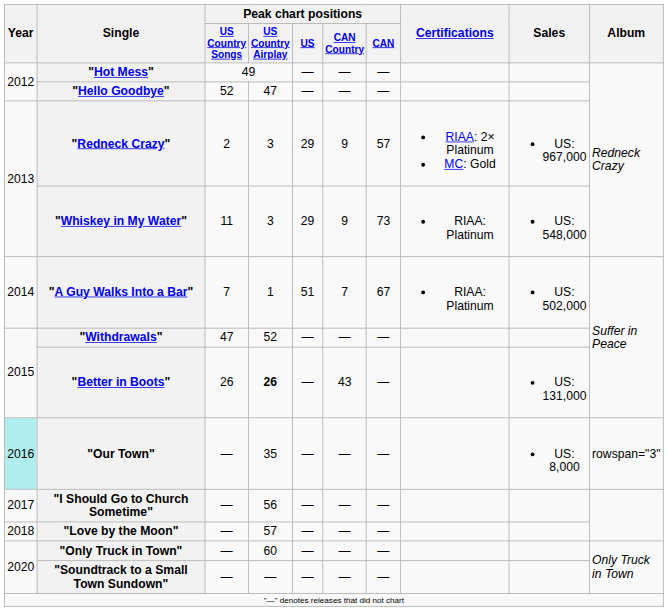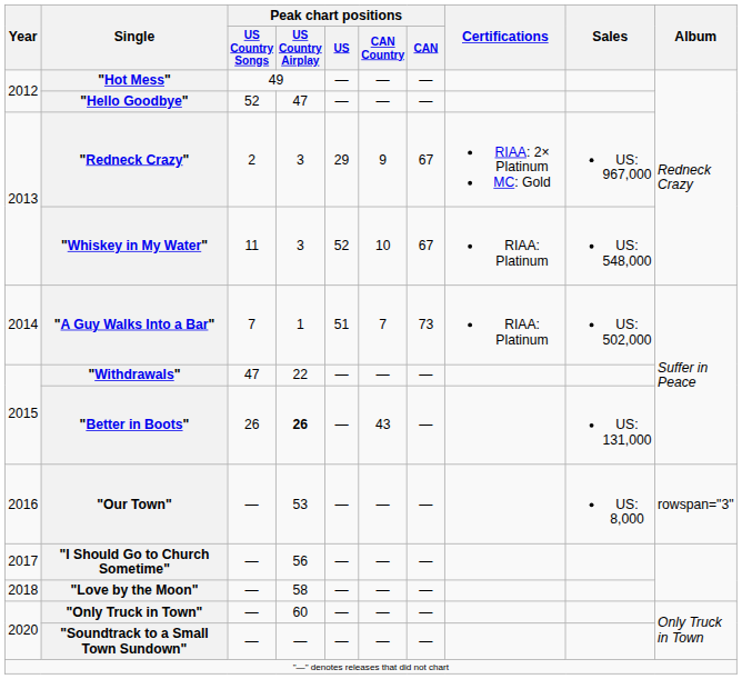 <table class="wikitable plainrowheaders" style="text-align:center;">
 <tr>
 <th rowspan="2">Year</th>
 <th rowspan="2" style="width:18em;">Single</th>
 <th colspan="5">Peak chart positions</th>
 <th rowspan="2" style="width:10em;"><a href='#'>Certifications</a></th>
 <th rowspan="2">Sales</th>
 <th rowspan="2">Album</th>
 </tr>
 <tr style="font-size:smaller;">
 <th style="width:45px;"><a href='#'>US Country Songs</a><br></th>
 <th style="width:45px;"><a href='#'>US Country Airplay</a><br></th>
 <th style="width:45px;"><a href='#'>US</a><br></th>
 <th style="width:45px;"><a href='#'>CAN Country</a><br></th>
 <th style="width:45px;"><a href='#'>CAN</a><br></th>
 </tr>
 <tr>
 <td rowspan="2">2012</td>
 <th scope="row">"<a href='#'>Hot Mess</a>"</th>
 <td colspan="2">49</td>
 <td>—</td>
 <td>—</td>
 <td>—</td>
 <td></td>
 <td></td>
 <td style="text-align:left;" rowspan="4"><em>Redneck Crazy</em></td>
 </tr>
 <tr>
 <th scope="row">"<a href='#'>Hello Goodbye</a>"</th>
 <td>52</td>
 <td>47</td>
 <td>—</td>
 <td>—</td>
 <td>—</td>
 <td></td>
 <td></td>
 </tr>
 <tr>
 <td rowspan="2">2013</td>
 <th scope="row">"<a href='#'>Redneck Crazy</a>"</th>
 <td>2</td>
 <td>3</td>
 <td>29</td>
 <td>9</td>
-<td>57</td>
+<td>67</td>
 <td><br><ul><li><a href='#'>RIAA</a>: 2× Platinum</li><li><a href='#'>MC</a>: Gold</li></ul></td>
 <td><br><ul><li>US: 967,000</li></ul></td>
 </tr>
 <tr>
 <th scope="row">"<a href='#'>Whiskey in My Water</a>"</th>
 <td>11</td>
 <td>3</td>
-<td>29</td>
-<td>9</td>
-<td>73</td>
+<td>52</td>
+<td>10</td>
+<td>67</td>
 <td><br><ul><li>RIAA: Platinum</li></ul></td>
 <td><br><ul><li>US: 548,000</li></ul></td>
 </tr>
 <tr>
 <td>2014</td>
 <th scope="row">"<a href='#'>A Guy Walks Into a Bar</a>"</th>
 <td>7</td>
 <td>1</td>
 <td>51</td>
 <td>7</td>
-<td>67</td>
+<td>73</td>
 <td><br><ul><li>RIAA: Platinum</li></ul></td>
 <td><br><ul><li>US: 502,000</li></ul></td>
 <td style="text-align:left;" rowspan="3"><em>Suffer in Peace</em></td>
 </tr>
 <tr>
 <td rowspan="2">2015</td>
 <th scope="row">"<a href='#'>Withdrawals</a>"</th>
 <td>47</td>
-<td>52</td>
+<td>22</td>
 <td>—</td>
 <td>—</td>
 <td>—</td>
 <td></td>
 <td></td>
 </tr>
 <tr>
 <th scope="row">"<a href='#'>Better in Boots</a>"</th>
 <td>26</td>
 <td><strong>26</strong></td>
 <td>—</td>
 <td>43</td>
 <td>—</td>
 <td></td>
 <td><br><ul><li>US: 131,000</li></ul></td>
 </tr>
 <tr>
-<td style="background: paleturquoise;">2016</td>
+<td>2016</td>
 <th scope="row">"Our Town"</th>
 <td>—</td>
-<td>35</td>
+<td>53</td>
 <td>—</td>
 <td>—</td>
 <td>—</td>
 <td></td>
 <td><br><ul><li>US: 8,000</li></ul></td>
 <td>rowspan="3" </td>
 </tr>
 <tr>
 <td>2017</td>
 <th scope="row">"I Should Go to Church Sometime"</th>
 <td>—</td>
 <td>56</td>
 <td>—</td>
 <td>—</td>
 <td>—</td>
 <td></td>
 <td></td>
 </tr>
 <tr>
 <td>2018</td>
 <th scope="row">"Love by the Moon"</th>
 <td>—</td>
-<td>57</td>
+<td>58</td>
 <td>—</td>
 <td>—</td>
 <td>—</td>
 <td></td>
 <td></td>
 </tr>
 <tr>
 <td rowspan="2">2020</td>
 <th scope="row">"Only Truck in Town"</th>
 <td>—</td>
 <td>60</td>
 <td>—</td>
 <td>—</td>
 <td>—</td>
 <td></td>
 <td></td>
 <td style="text-align:left;" rowspan="2"><em>Only Truck in Town</em></td>
 </tr>
 <tr>
 <th scope="row">"Soundtrack to a Small Town Sundown"</th>
 <td>—</td>
 <td>—</td>
 <td>—</td>
 <td>—</td>
 <td>—</td>
 <td></td>
 <td></td>
 </tr>
 <tr>
 <td colspan="10" style="font-size:8pt">"—" denotes releases that did not chart</td>
 </tr>
 </table>
